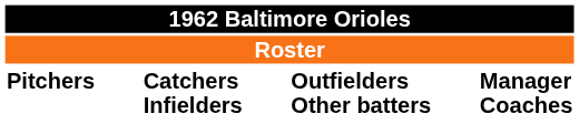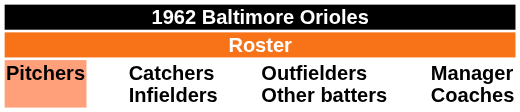 <table class="toccolours" style="font-size: 95%;">
 <tr>
 <th colspan="10" style="background-color: black; color: white; text-align: center;">1962 Baltimore Orioles</th>
 </tr>
 <tr>
 <td colspan="10" style="background-color: #F87217; color: white; text-align: center;"><strong>Roster</strong></td>
 </tr>
 <tr>
-<td valign="top"><strong>Pitchers</strong><br>                </td>
+<td valign="top" style="background: lightsalmon;"><strong>Pitchers</strong><br>                </td>
 <td width="25px"></td>
 <td valign="top"><strong>Catchers</strong><br>      <strong>Infielders</strong>        </td>
 <td width="25px"></td>
 <td valign="top"><strong>Outfielders</strong><br>          <strong>Other batters</strong> </td>
 <td width="25px"></td>
 <td valign="top"><strong>Manager</strong><br> <strong>Coaches</strong>    </td>
 </tr>
 <tr>
 </tr>
 </table>
